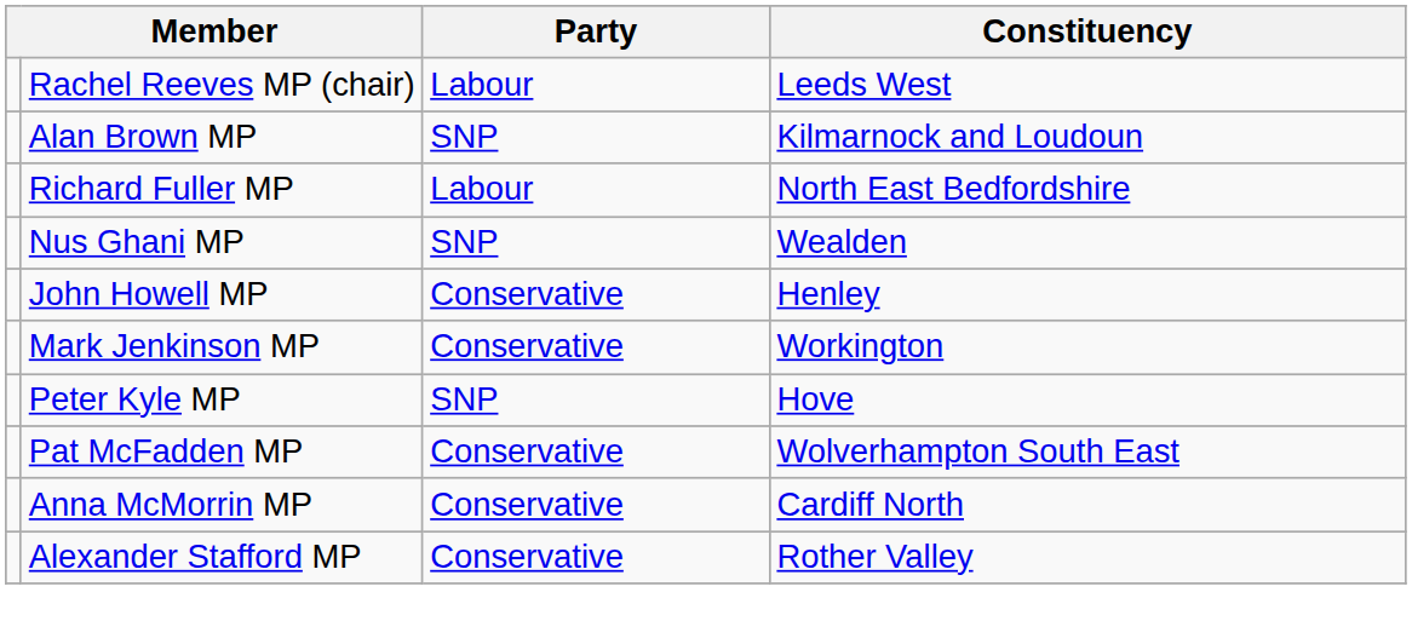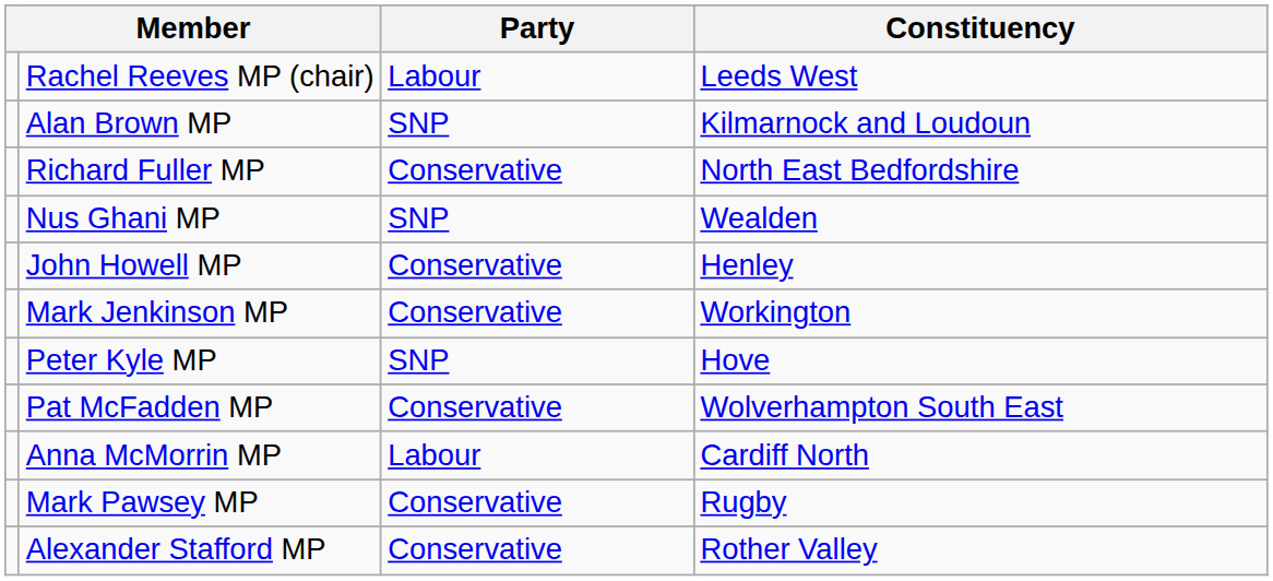 <table class="wikitable">
 <tr>
 <th width="160px" colspan="2">Member</th>
 <th width="160px">Party</th>
 <th width="300px">Constituency</th>
 </tr>
 <tr>
 <td style="color:inherit;background:"></td>
 <td><a href='#'>Rachel Reeves</a> MP (chair)</td>
 <td><a href='#'>Labour</a></td>
 <td><a href='#'>Leeds West</a></td>
 </tr>
 <tr>
 <td style="color:inherit;background:"></td>
 <td><a href='#'>Alan Brown</a> MP</td>
 <td><a href='#'>SNP</a></td>
 <td><a href='#'>Kilmarnock and Loudoun</a></td>
 </tr>
 <tr>
 <td style="color:inherit;background:"></td>
 <td><a href='#'>Richard Fuller</a> MP</td>
-<td><a href='#'>Labour</a></td>
+<td><a href='#'>Conservative</a></td>
 <td><a href='#'>North East Bedfordshire</a></td>
 </tr>
 <tr>
 <td style="color:inherit;background:"></td>
 <td><a href='#'>Nus Ghani</a> MP</td>
 <td><a href='#'>SNP</a></td>
 <td><a href='#'>Wealden</a></td>
 </tr>
 <tr>
 <td style="color:inherit;background:"></td>
 <td><a href='#'>John Howell</a> MP</td>
 <td><a href='#'>Conservative</a></td>
 <td><a href='#'>Henley</a></td>
 </tr>
 <tr>
 <td style="color:inherit;background:"></td>
 <td><a href='#'>Mark Jenkinson</a> MP</td>
 <td><a href='#'>Conservative</a></td>
 <td><a href='#'>Workington</a></td>
 </tr>
 <tr>
 <td style="color:inherit;background:"></td>
 <td><a href='#'>Peter Kyle</a> MP</td>
 <td><a href='#'>SNP</a></td>
 <td><a href='#'>Hove</a></td>
 </tr>
 <tr>
 <td style="color:inherit;background:"></td>
 <td><a href='#'>Pat McFadden</a> MP</td>
 <td><a href='#'>Conservative</a></td>
 <td><a href='#'>Wolverhampton South East</a></td>
 </tr>
 <tr>
 <td style="color:inherit;background:"></td>
 <td><a href='#'>Anna McMorrin</a> MP</td>
+<td><a href='#'>Labour</a></td>
+<td><a href='#'>Cardiff North</a></td>
+</tr>
+<tr>
+<td style="color:inherit;background:"></td>
+<td><a href='#'>Mark Pawsey</a> MP</td>
 <td><a href='#'>Conservative</a></td>
-<td><a href='#'>Cardiff North</a></td>
+<td><a href='#'>Rugby</a></td>
 </tr>
 <tr>
 <td style="color:inherit;background:"></td>
 <td><a href='#'>Alexander Stafford</a> MP</td>
 <td><a href='#'>Conservative</a></td>
 <td><a href='#'>Rother Valley</a></td>
 </tr>
 </table>
